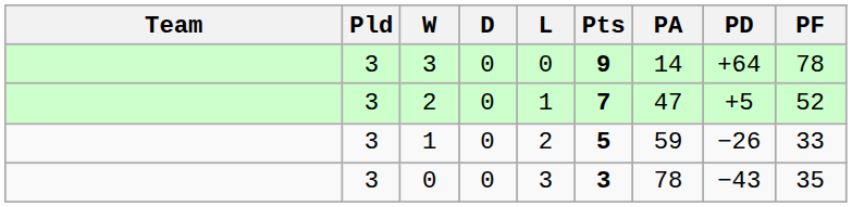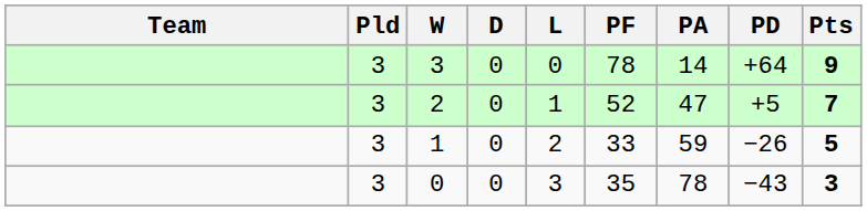 <table class="wikitable" style="text-align:center;">
 <tr>
 <th width=175>Team</th>
 <th width=25 abbr="Played">Pld</th>
 <th width=25 abbr="Won">W</th>
 <th width=25 abbr="Drawn">D</th>
 <th width=25 abbr="Lost">L</th>
-<th width=25 abbr="Points">Pts</th>
+<th width=32 abbr="Points for">PF</th>
 <th width=32 abbr="Points against">PA</th>
 <th width=32 abbr="Points difference">PD</th>
-<th width=32 abbr="Points for">PF</th>
+<th width=25 abbr="Points">Pts</th>
 </tr>
 <tr bgcolor=ccffcc>
 <td align=left></td>
 <td>3</td>
 <td>3</td>
 <td>0</td>
 <td>0</td>
-<td><strong>9</strong></td>
+<td>78</td>
 <td>14</td>
 <td>+64</td>
-<td>78</td>
+<td><strong>9</strong></td>
 </tr>
 <tr bgcolor=ccffcc>
 <td align=left></td>
 <td>3</td>
 <td>2</td>
 <td>0</td>
 <td>1</td>
-<td><strong>7</strong></td>
+<td>52</td>
 <td>47</td>
 <td>+5</td>
-<td>52</td>
+<td><strong>7</strong></td>
 </tr>
 <tr>
 <td align=left></td>
 <td>3</td>
 <td>1</td>
 <td>0</td>
 <td>2</td>
-<td><strong>5</strong></td>
+<td>33</td>
 <td>59</td>
 <td>−26</td>
-<td>33</td>
+<td><strong>5</strong></td>
 </tr>
 <tr>
 <td align=left></td>
 <td>3</td>
 <td>0</td>
 <td>0</td>
 <td>3</td>
-<td><strong>3</strong></td>
+<td>35</td>
 <td>78</td>
 <td>−43</td>
-<td>35</td>
+<td><strong>3</strong></td>
 </tr>
 </table>
